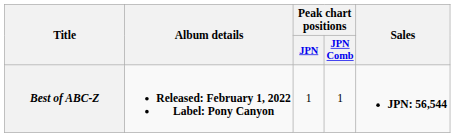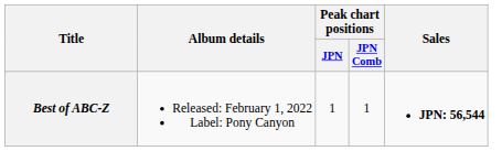 <table class="wikitable plainrowheaders" style="text-align:center;">
 <tr>
 <th rowspan="2" style="width:10em;">Title</th>
 <th rowspan="2">Album details</th>
 <th colspan="2">Peak chart positions</th>
 <th rowspan="2">Sales</th>
 </tr>
 <tr>
 <th scope="col" style="width:2.5em;font-size:90%;"><a href='#'>JPN</a><br></th>
 <th scope="col" style="width:2.5em;font-size:90%;"><a href='#'>JPN<br>Comb</a><br></th>
 </tr>
 <tr>
 <th scope="row"><em>Best of ABC-Z</em></th>
-<td><strong><br><ul><li>Released: February 1, 2022</li><li>Label: Pony Canyon</li></ul></strong></td>
+<td><br><ul><li>Released: February 1, 2022</li><li>Label: Pony Canyon</li></ul></td>
 <td>1</td>
 <td>1</td>
 <td><strong><br><ul><li>JPN: 56,544</li></ul></strong></td>
 </tr>
 </table>
